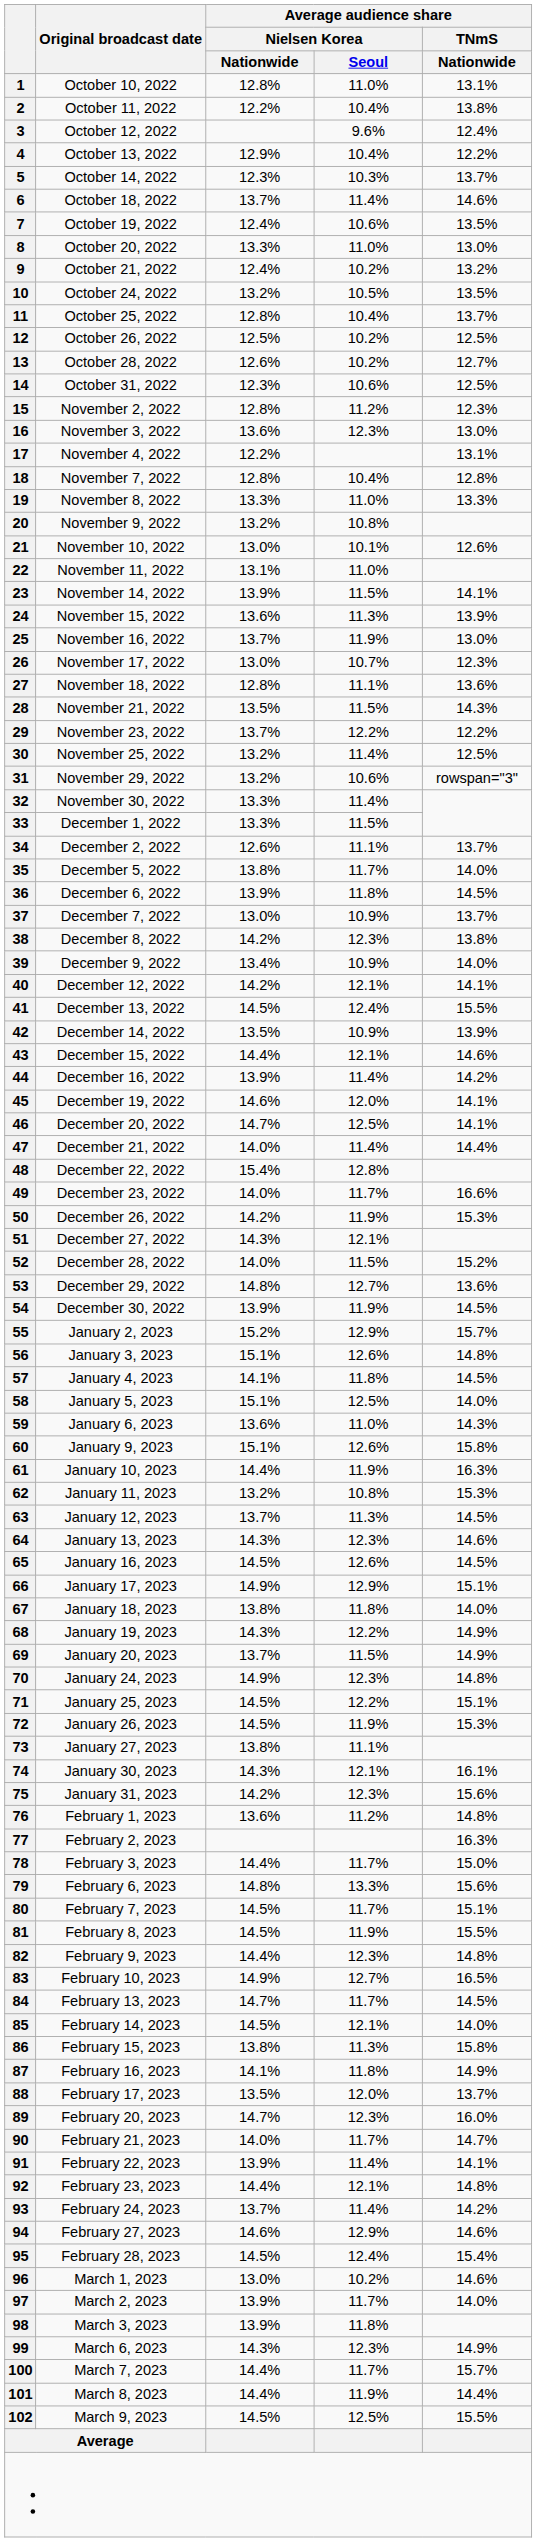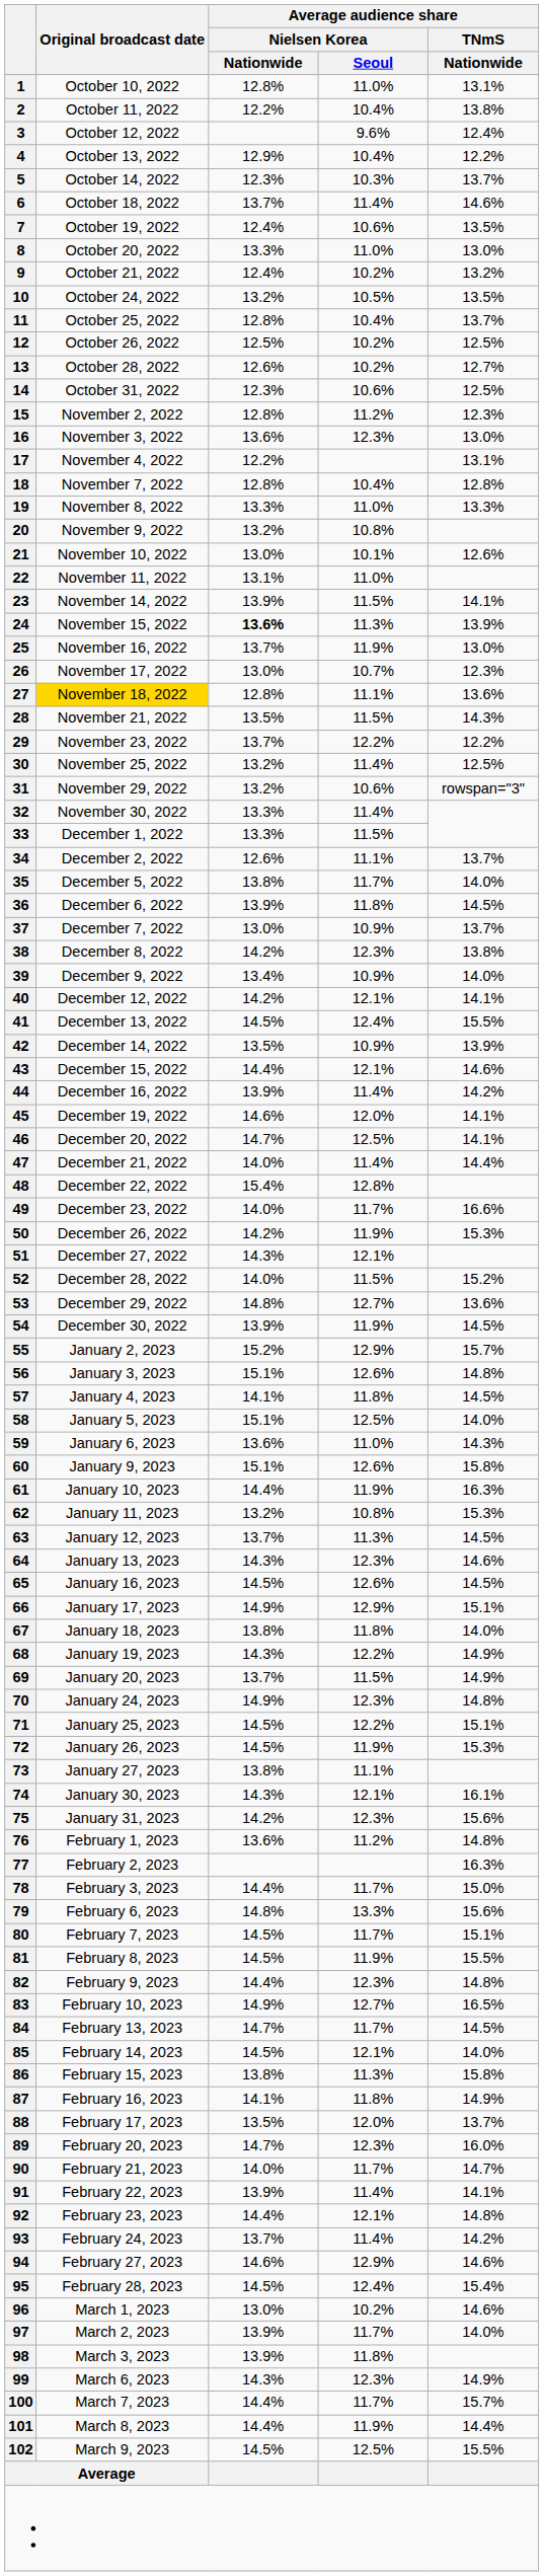 <table class="wikitable plainrowheaders" style="text-align:center; max-width:600px; margin-left:auto; margin-right:auto">
 <tr>
 <th scope="col" rowspan="3"></th>
 <th scope="col" rowspan="3">Original broadcast date</th>
 <th scope="col" colspan="3">Average audience share</th>
 </tr>
 <tr>
 <th scope="col" colspan="2">Nielsen Korea</th>
 <th scope="col">TNmS</th>
 </tr>
 <tr>
 <th scope="col" style="width:7em">Nationwide</th>
 <th scope="col" style="width:7em"><a href='#'>Seoul</a></th>
 <th scope="col" style="width:7em">Nationwide</th>
 </tr>
 <tr>
 <th>1</th>
 <td>October 10, 2022</td>
 <td>12.8% </td>
 <td>11.0% </td>
 <td>13.1% </td>
 </tr>
 <tr>
 <th>2</th>
 <td>October 11, 2022</td>
 <td>12.2% </td>
 <td>10.4% </td>
 <td>13.8% </td>
 </tr>
 <tr>
 <th>3</th>
 <td>October 12, 2022</td>
 <td><strong></strong> </td>
 <td>9.6% </td>
 <td>12.4% </td>
 </tr>
 <tr>
 <th>4</th>
 <td>October 13, 2022</td>
 <td>12.9% </td>
 <td>10.4% </td>
 <td>12.2% </td>
 </tr>
 <tr>
 <th>5</th>
 <td>October 14, 2022</td>
 <td>12.3% </td>
 <td>10.3% </td>
 <td>13.7% </td>
 </tr>
 <tr>
 <th>6</th>
 <td>October 18, 2022</td>
 <td>13.7% </td>
 <td>11.4% </td>
 <td>14.6% </td>
 </tr>
 <tr>
 <th>7</th>
 <td>October 19, 2022</td>
 <td>12.4% </td>
 <td>10.6% </td>
 <td>13.5% </td>
 </tr>
 <tr>
 <th>8</th>
 <td>October 20, 2022</td>
 <td>13.3% </td>
 <td>11.0% </td>
 <td>13.0% </td>
 </tr>
 <tr>
 <th>9</th>
 <td>October 21, 2022</td>
 <td>12.4% </td>
 <td>10.2% </td>
 <td>13.2% </td>
 </tr>
 <tr>
 <th>10</th>
 <td>October 24, 2022</td>
 <td>13.2% </td>
 <td>10.5% </td>
 <td>13.5% </td>
 </tr>
 <tr>
 <th>11</th>
 <td>October 25, 2022</td>
 <td>12.8% </td>
 <td>10.4% </td>
 <td>13.7% </td>
 </tr>
 <tr>
 <th>12</th>
 <td>October 26, 2022</td>
 <td>12.5% </td>
 <td>10.2% </td>
 <td>12.5% </td>
 </tr>
 <tr>
 <th>13</th>
 <td>October 28, 2022</td>
 <td>12.6% </td>
 <td>10.2% </td>
 <td>12.7% </td>
 </tr>
 <tr>
 <th>14</th>
 <td>October 31, 2022</td>
 <td>12.3% </td>
 <td>10.6% </td>
 <td>12.5% </td>
 </tr>
 <tr>
 <th>15</th>
 <td>November 2, 2022</td>
 <td>12.8% </td>
 <td>11.2% </td>
 <td>12.3% </td>
 </tr>
 <tr>
 <th>16</th>
 <td>November 3, 2022</td>
 <td>13.6% </td>
 <td>12.3% </td>
 <td>13.0% </td>
 </tr>
 <tr>
 <th>17</th>
 <td>November 4, 2022</td>
 <td>12.2% </td>
 <td><strong></strong> </td>
 <td>13.1% </td>
 </tr>
 <tr>
 <th>18</th>
 <td>November 7, 2022</td>
 <td>12.8% </td>
 <td>10.4% </td>
 <td>12.8% </td>
 </tr>
 <tr>
 <th>19</th>
 <td>November 8, 2022</td>
 <td>13.3% </td>
 <td>11.0% </td>
 <td>13.3% </td>
 </tr>
 <tr>
 <th>20</th>
 <td>November 9, 2022</td>
 <td>13.2% </td>
 <td>10.8% </td>
 <td><strong></strong> </td>
 </tr>
 <tr>
 <th>21</th>
 <td>November 10, 2022</td>
 <td>13.0% </td>
 <td>10.1% </td>
 <td>12.6% </td>
 </tr>
 <tr>
 <th>22</th>
 <td>November 11, 2022</td>
 <td>13.1% </td>
 <td>11.0% </td>
 <td></td>
 </tr>
 <tr>
 <th>23</th>
 <td>November 14, 2022</td>
 <td>13.9% </td>
 <td>11.5% </td>
 <td>14.1% </td>
 </tr>
 <tr>
 <th>24</th>
 <td>November 15, 2022</td>
-<td>13.6% </td>
+<td><strong>13.6% </strong></td>
 <td>11.3% </td>
 <td>13.9% </td>
 </tr>
 <tr>
 <th>25</th>
 <td>November 16, 2022</td>
 <td>13.7% </td>
 <td>11.9% </td>
 <td>13.0% </td>
 </tr>
 <tr>
 <th>26</th>
 <td>November 17, 2022</td>
 <td>13.0% </td>
 <td>10.7% </td>
 <td>12.3% </td>
 </tr>
 <tr>
 <th>27</th>
-<td>November 18, 2022</td>
+<td style="background: gold;">November 18, 2022</td>
 <td>12.8% </td>
 <td>11.1% </td>
 <td>13.6% </td>
 </tr>
 <tr>
 <th>28</th>
 <td>November 21, 2022</td>
 <td>13.5% </td>
 <td>11.5% </td>
 <td>14.3% </td>
 </tr>
 <tr>
 <th>29</th>
 <td>November 23, 2022</td>
 <td>13.7% </td>
 <td>12.2% </td>
 <td>12.2% </td>
 </tr>
 <tr>
 <th>30</th>
 <td>November 25, 2022</td>
 <td>13.2% </td>
 <td>11.4% </td>
 <td>12.5% </td>
 </tr>
 <tr>
 <th>31</th>
 <td>November 29, 2022</td>
 <td>13.2% </td>
 <td>10.6% </td>
 <td>rowspan="3"</td>
 </tr>
 <tr>
 <th>32</th>
 <td>November 30, 2022</td>
 <td>13.3% </td>
 <td>11.4% </td>
 </tr>
 <tr>
 <th>33</th>
 <td>December 1, 2022</td>
 <td>13.3% </td>
 <td>11.5% </td>
 </tr>
 <tr>
 <th>34</th>
 <td>December 2, 2022</td>
 <td>12.6% </td>
 <td>11.1% </td>
 <td>13.7% </td>
 </tr>
 <tr>
 <th>35</th>
 <td>December 5, 2022</td>
 <td>13.8% </td>
 <td>11.7% </td>
 <td>14.0% </td>
 </tr>
 <tr>
 <th>36</th>
 <td>December 6, 2022</td>
 <td>13.9% </td>
 <td>11.8% </td>
 <td>14.5% </td>
 </tr>
 <tr>
 <th>37</th>
 <td>December 7, 2022</td>
 <td>13.0% </td>
 <td>10.9% </td>
 <td>13.7% </td>
 </tr>
 <tr>
 <th>38</th>
 <td>December 8, 2022</td>
 <td>14.2% </td>
 <td>12.3% </td>
 <td>13.8% </td>
 </tr>
 <tr>
 <th>39</th>
 <td>December 9, 2022</td>
 <td>13.4% </td>
 <td>10.9% </td>
 <td>14.0% </td>
 </tr>
 <tr>
 <th>40</th>
 <td>December 12, 2022</td>
 <td>14.2% </td>
 <td>12.1% </td>
 <td>14.1% </td>
 </tr>
 <tr>
 <th>41</th>
 <td>December 13, 2022</td>
 <td>14.5% </td>
 <td>12.4% </td>
 <td>15.5% </td>
 </tr>
 <tr>
 <th>42</th>
 <td>December 14, 2022</td>
 <td>13.5% </td>
 <td>10.9% </td>
 <td>13.9% </td>
 </tr>
 <tr>
 <th>43</th>
 <td>December 15, 2022</td>
 <td>14.4% </td>
 <td>12.1% </td>
 <td>14.6% </td>
 </tr>
 <tr>
 <th>44</th>
 <td>December 16, 2022</td>
 <td>13.9% </td>
 <td>11.4% </td>
 <td>14.2% </td>
 </tr>
 <tr>
 <th>45</th>
 <td>December 19, 2022</td>
 <td>14.6% </td>
 <td>12.0% </td>
 <td>14.1% </td>
 </tr>
 <tr>
 <th>46</th>
 <td>December 20, 2022</td>
 <td>14.7% </td>
 <td>12.5% </td>
 <td>14.1% </td>
 </tr>
 <tr>
 <th>47</th>
 <td>December 21, 2022</td>
 <td>14.0% </td>
 <td>11.4% </td>
 <td>14.4% </td>
 </tr>
 <tr>
 <th>48</th>
 <td>December 22, 2022</td>
 <td>15.4% </td>
 <td>12.8% </td>
 <td><strong></strong> </td>
 </tr>
 <tr>
 <th>49</th>
 <td>December 23, 2022</td>
 <td>14.0% </td>
 <td>11.7% </td>
 <td>16.6% </td>
 </tr>
 <tr>
 <th>50</th>
 <td>December 26, 2022</td>
 <td>14.2% </td>
 <td>11.9% </td>
 <td>15.3% </td>
 </tr>
 <tr>
 <th>51</th>
 <td>December 27, 2022</td>
 <td>14.3% </td>
 <td>12.1% </td>
 <td></td>
 </tr>
 <tr>
 <th>52</th>
 <td>December 28, 2022</td>
 <td>14.0% </td>
 <td>11.5% </td>
 <td>15.2% </td>
 </tr>
 <tr>
 <th>53</th>
 <td>December 29, 2022</td>
 <td>14.8% </td>
 <td>12.7% </td>
 <td>13.6% </td>
 </tr>
 <tr>
 <th>54</th>
 <td>December 30, 2022</td>
 <td>13.9% </td>
 <td>11.9% </td>
 <td>14.5% </td>
 </tr>
 <tr>
 <th>55</th>
 <td>January 2, 2023</td>
 <td>15.2% </td>
 <td>12.9% </td>
 <td>15.7% </td>
 </tr>
 <tr>
 <th>56</th>
 <td>January 3, 2023</td>
 <td>15.1% </td>
 <td>12.6% </td>
 <td>14.8% </td>
 </tr>
 <tr>
 <th>57</th>
 <td>January 4, 2023</td>
 <td>14.1% </td>
 <td>11.8% </td>
 <td>14.5% </td>
 </tr>
 <tr>
 <th>58</th>
 <td>January 5, 2023</td>
 <td>15.1% </td>
 <td>12.5% </td>
 <td>14.0% </td>
 </tr>
 <tr>
 <th>59</th>
 <td>January 6, 2023</td>
 <td>13.6% </td>
 <td>11.0% </td>
 <td>14.3% </td>
 </tr>
 <tr>
 <th>60</th>
 <td>January 9, 2023</td>
 <td>15.1% </td>
 <td>12.6% </td>
 <td>15.8% </td>
 </tr>
 <tr>
 <th>61</th>
 <td>January 10, 2023</td>
 <td>14.4% </td>
 <td>11.9% </td>
 <td>16.3% </td>
 </tr>
 <tr>
 <th>62</th>
 <td>January 11, 2023</td>
 <td>13.2% </td>
 <td>10.8% </td>
 <td>15.3% </td>
 </tr>
 <tr>
 <th>63</th>
 <td>January 12, 2023</td>
 <td>13.7% </td>
 <td>11.3% </td>
 <td>14.5% </td>
 </tr>
 <tr>
 <th>64</th>
 <td>January 13, 2023</td>
 <td>14.3% </td>
 <td>12.3% </td>
 <td>14.6% </td>
 </tr>
 <tr>
 <th>65</th>
 <td>January 16, 2023</td>
 <td>14.5% </td>
 <td>12.6% </td>
 <td>14.5% </td>
 </tr>
 <tr>
 <th>66</th>
 <td>January 17, 2023</td>
 <td>14.9% </td>
 <td>12.9% </td>
 <td>15.1% </td>
 </tr>
 <tr>
 <th>67</th>
 <td>January 18, 2023</td>
 <td>13.8% </td>
 <td>11.8% </td>
 <td>14.0% </td>
 </tr>
 <tr>
 <th>68</th>
 <td>January 19, 2023</td>
 <td>14.3% </td>
 <td>12.2% </td>
 <td>14.9% </td>
 </tr>
 <tr>
 <th>69</th>
 <td>January 20, 2023</td>
 <td>13.7% </td>
 <td>11.5% </td>
 <td>14.9% </td>
 </tr>
 <tr>
 <th>70</th>
 <td>January 24, 2023</td>
 <td>14.9% </td>
 <td>12.3% </td>
 <td>14.8% </td>
 </tr>
 <tr>
 <th>71</th>
 <td>January 25, 2023</td>
 <td>14.5% </td>
 <td>12.2% </td>
 <td>15.1% </td>
 </tr>
 <tr>
 <th>72</th>
 <td>January 26, 2023</td>
 <td>14.5% </td>
 <td>11.9% </td>
 <td>15.3% </td>
 </tr>
 <tr>
 <th>73</th>
 <td>January 27, 2023</td>
 <td>13.8% </td>
 <td>11.1% </td>
 <td></td>
 </tr>
 <tr>
 <th>74</th>
 <td>January 30, 2023</td>
 <td>14.3% </td>
 <td>12.1% </td>
 <td>16.1% </td>
 </tr>
 <tr>
 <th>75</th>
 <td>January 31, 2023</td>
 <td>14.2% </td>
 <td>12.3% </td>
 <td>15.6% </td>
 </tr>
 <tr>
 <th>76</th>
 <td>February 1, 2023</td>
 <td>13.6% </td>
 <td>11.2% </td>
 <td>14.8% </td>
 </tr>
 <tr>
 <th>77</th>
 <td>February 2, 2023</td>
 <td><strong></strong> </td>
 <td><strong></strong> </td>
 <td>16.3% </td>
 </tr>
 <tr>
 <th>78</th>
 <td>February 3, 2023</td>
 <td>14.4% </td>
 <td>11.7% </td>
 <td>15.0% </td>
 </tr>
 <tr>
 <th>79</th>
 <td>February 6, 2023</td>
 <td>14.8% </td>
 <td>13.3% </td>
 <td>15.6% </td>
 </tr>
 <tr>
 <th>80</th>
 <td>February 7, 2023</td>
 <td>14.5% </td>
 <td>11.7% </td>
 <td>15.1% </td>
 </tr>
 <tr>
 <th>81</th>
 <td>February 8, 2023</td>
 <td>14.5% </td>
 <td>11.9% </td>
 <td>15.5% </td>
 </tr>
 <tr>
 <th>82</th>
 <td>February 9, 2023</td>
 <td>14.4% </td>
 <td>12.3% </td>
 <td>14.8% </td>
 </tr>
 <tr>
 <th>83</th>
 <td>February 10, 2023</td>
 <td>14.9% </td>
 <td>12.7% </td>
 <td>16.5% </td>
 </tr>
 <tr>
 <th>84</th>
 <td>February 13, 2023</td>
 <td>14.7% </td>
 <td>11.7% </td>
 <td>14.5% </td>
 </tr>
 <tr>
 <th>85</th>
 <td>February 14, 2023</td>
 <td>14.5% </td>
 <td>12.1% </td>
 <td>14.0% </td>
 </tr>
 <tr>
 <th>86</th>
 <td>February 15, 2023</td>
 <td>13.8% </td>
 <td>11.3% </td>
 <td>15.8% </td>
 </tr>
 <tr>
 <th>87</th>
 <td>February 16, 2023</td>
 <td>14.1% </td>
 <td>11.8% </td>
 <td>14.9% </td>
 </tr>
 <tr>
 <th>88</th>
 <td>February 17, 2023</td>
 <td>13.5% </td>
 <td>12.0% </td>
 <td>13.7% </td>
 </tr>
 <tr>
 <th>89</th>
 <td>February 20, 2023</td>
 <td>14.7% </td>
 <td>12.3% </td>
 <td>16.0% </td>
 </tr>
 <tr>
 <th>90</th>
 <td>February 21, 2023</td>
 <td>14.0% </td>
 <td>11.7% </td>
 <td>14.7% </td>
 </tr>
 <tr>
 <th>91</th>
 <td>February 22, 2023</td>
 <td>13.9% </td>
 <td>11.4% </td>
 <td>14.1% </td>
 </tr>
 <tr>
 <th>92</th>
 <td>February 23, 2023</td>
 <td>14.4% </td>
 <td>12.1% </td>
 <td>14.8% </td>
 </tr>
 <tr>
 <th>93</th>
 <td>February 24, 2023</td>
 <td>13.7% </td>
 <td>11.4% </td>
 <td>14.2% </td>
 </tr>
 <tr>
 <th>94</th>
 <td>February 27, 2023</td>
 <td>14.6% </td>
 <td>12.9% </td>
 <td>14.6% </td>
 </tr>
 <tr>
 <th>95</th>
 <td>February 28, 2023</td>
 <td>14.5% </td>
 <td>12.4% </td>
 <td>15.4% </td>
 </tr>
 <tr>
 <th>96</th>
 <td>March 1, 2023</td>
 <td>13.0% </td>
 <td>10.2% </td>
 <td>14.6% </td>
 </tr>
 <tr>
 <th>97</th>
 <td>March 2, 2023</td>
 <td>13.9% </td>
 <td>11.7% </td>
 <td>14.0% </td>
 </tr>
 <tr>
 <th>98</th>
 <td>March 3, 2023</td>
 <td>13.9% </td>
 <td>11.8% </td>
 <td></td>
 </tr>
 <tr>
 <th>99</th>
 <td>March 6, 2023</td>
 <td>14.3% </td>
 <td>12.3% </td>
 <td>14.9% </td>
 </tr>
 <tr>
 <th>100</th>
 <td>March 7, 2023</td>
 <td>14.4% </td>
 <td>11.7% </td>
 <td>15.7% </td>
 </tr>
 <tr>
 <th>101</th>
 <td>March 8, 2023</td>
 <td>14.4% </td>
 <td>11.9% </td>
 <td>14.4% </td>
 </tr>
 <tr>
 <th>102</th>
 <td>March 9, 2023</td>
 <td>14.5% </td>
 <td>12.5% </td>
 <td>15.5% </td>
 </tr>
 <tr>
 <th colspan="2">Average</th>
 <th></th>
 <th></th>
 <th></th>
 </tr>
 <tr>
 <td colspan="5"><br><ul><li></li><li></li></ul></td>
 </tr>
 </table>
